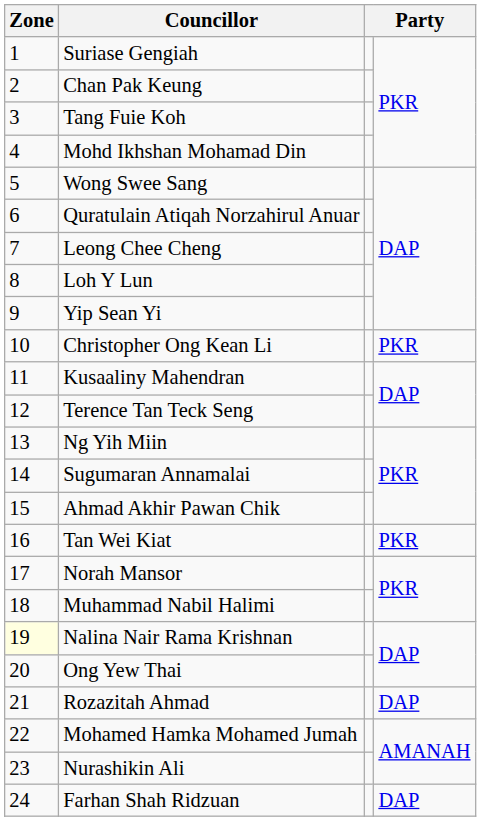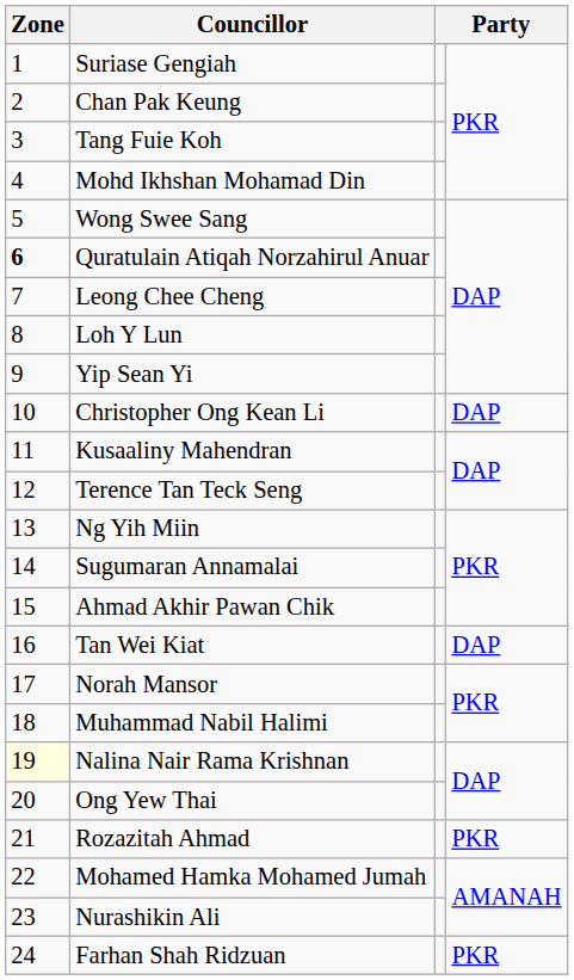 <table class="wikitable">
 <tr>
 <th>Zone</th>
 <th>Councillor</th>
 <th colspan="2">Party</th>
 </tr>
 <tr>
 <td>1</td>
 <td>Suriase Gengiah</td>
 <td></td>
 <td rowspan="4"><a href='#'>PKR</a></td>
 </tr>
 <tr>
 <td>2</td>
 <td>Chan Pak Keung</td>
 <td></td>
 </tr>
 <tr>
 <td>3</td>
 <td>Tang Fuie Koh</td>
 <td></td>
 </tr>
 <tr>
 <td>4</td>
 <td>Mohd Ikhshan Mohamad Din</td>
 <td></td>
 </tr>
 <tr>
 <td>5</td>
 <td>Wong Swee Sang</td>
 <td></td>
 <td rowspan="5"><a href='#'>DAP</a></td>
 </tr>
 <tr>
-<td>6</td>
+<td><strong>6</strong></td>
 <td>Quratulain Atiqah Norzahirul Anuar</td>
 <td></td>
 </tr>
 <tr>
 <td>7</td>
 <td>Leong Chee Cheng</td>
 <td></td>
 </tr>
 <tr>
 <td>8</td>
 <td>Loh Y Lun</td>
 <td></td>
 </tr>
 <tr>
 <td>9</td>
 <td>Yip Sean Yi</td>
 <td></td>
 </tr>
 <tr>
 <td>10</td>
 <td>Christopher Ong Kean Li</td>
 <td></td>
-<td><a href='#'>PKR</a></td>
+<td><a href='#'>DAP</a></td>
 </tr>
 <tr>
 <td>11</td>
 <td>Kusaaliny Mahendran</td>
 <td></td>
 <td rowspan="2"><a href='#'>DAP</a></td>
 </tr>
 <tr>
 <td>12</td>
 <td>Terence Tan Teck Seng</td>
 <td></td>
 </tr>
 <tr>
 <td>13</td>
 <td>Ng Yih Miin</td>
 <td></td>
 <td rowspan="3"><a href='#'>PKR</a></td>
 </tr>
 <tr>
 <td>14</td>
 <td>Sugumaran Annamalai</td>
 <td></td>
 </tr>
 <tr>
 <td>15</td>
 <td>Ahmad Akhir Pawan Chik</td>
 <td></td>
 </tr>
 <tr>
 <td>16</td>
 <td>Tan Wei Kiat</td>
 <td></td>
-<td><a href='#'>PKR</a></td>
+<td><a href='#'>DAP</a></td>
 </tr>
 <tr>
 <td>17</td>
 <td>Norah Mansor</td>
 <td></td>
 <td rowspan="2"><a href='#'>PKR</a></td>
 </tr>
 <tr>
 <td>18</td>
 <td>Muhammad Nabil Halimi</td>
 <td></td>
 </tr>
 <tr>
 <td style="background: lightyellow;">19</td>
 <td>Nalina Nair Rama Krishnan</td>
 <td></td>
 <td rowspan="2"><a href='#'>DAP</a></td>
 </tr>
 <tr>
 <td>20</td>
 <td>Ong Yew Thai</td>
 <td></td>
 </tr>
 <tr>
 <td>21</td>
 <td>Rozazitah Ahmad</td>
 <td></td>
-<td><a href='#'>DAP</a></td>
+<td><a href='#'>PKR</a></td>
 </tr>
 <tr>
 <td>22</td>
 <td>Mohamed Hamka Mohamed Jumah</td>
 <td></td>
 <td rowspan="2"><a href='#'>AMANAH</a></td>
 </tr>
 <tr>
 <td>23</td>
 <td>Nurashikin Ali</td>
 <td></td>
 </tr>
 <tr>
 <td>24</td>
 <td>Farhan Shah Ridzuan</td>
 <td></td>
-<td><a href='#'>DAP</a></td>
+<td><a href='#'>PKR</a></td>
 </tr>
 </table>
